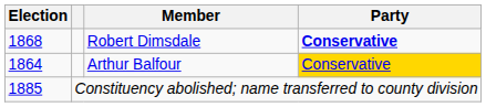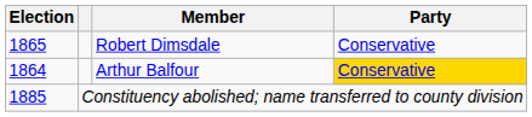 <table class="wikitable">
 <tr>
 <th>Election</th>
 <th></th>
 <th>Member</th>
 <th>Party</th>
 </tr>
 <tr>
-<td><a href='#'>1868</a></td>
+<td><a href='#'>1865</a></td>
 <td style="color:inherit;background-color: "></td>
 <td><a href='#'>Robert Dimsdale</a></td>
-<td><strong><a href='#'>Conservative</a></strong></td>
+<td><a href='#'>Conservative</a></td>
 </tr>
 <tr>
 <td><a href='#'>1864</a></td>
 <td style="color:inherit;background-color: "></td>
 <td><a href='#'>Arthur Balfour</a></td>
 <td style="background: gold;"><a href='#'>Conservative</a></td>
 </tr>
 <tr>
 <td><a href='#'>1885</a></td>
 <td colspan="3"><em>Constituency abolished; name transferred to county division</em></td>
 </tr>
 </table>
